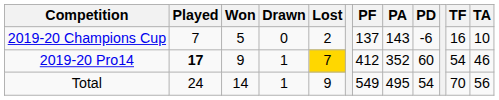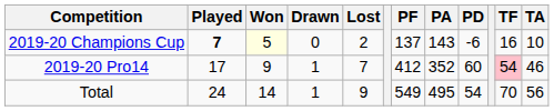 <table class="wikitable">
 <tr>
 <th>Competition</th>
 <th>Played</th>
 <th>Won</th>
 <th>Drawn</th>
 <th>Lost</th>
 <th rowspan="4"></th>
 <th>PF</th>
 <th>PA</th>
 <th>PD</th>
 <th rowspan="4"></th>
 <th>TF</th>
 <th>TA</th>
 </tr>
 <tr align=center>
 <td><a href='#'>2019-20 Champions Cup</a></td>
-<td>7</td>
-<td>5</td>
+<td><strong>7</strong></td>
+<td style="background: lightyellow;">5</td>
 <td>0</td>
 <td>2</td>
 <td>137</td>
 <td>143</td>
 <td>-6</td>
 <td>16</td>
 <td>10</td>
 </tr>
 <tr align=center>
 <td><a href='#'>2019-20 Pro14</a></td>
-<td><strong>17</strong></td>
+<td>17</td>
 <td>9</td>
 <td>1</td>
-<td style="background: gold;">7</td>
+<td>7</td>
 <td>412</td>
 <td>352</td>
 <td>60</td>
-<td>54</td>
+<td style="background: pink;">54</td>
 <td>46</td>
 </tr>
 <tr align=center>
 <td>Total</td>
 <td>24</td>
 <td>14</td>
 <td>1</td>
 <td>9</td>
 <td>549</td>
 <td>495</td>
 <td>54</td>
 <td>70</td>
 <td>56</td>
 </tr>
 </table>
